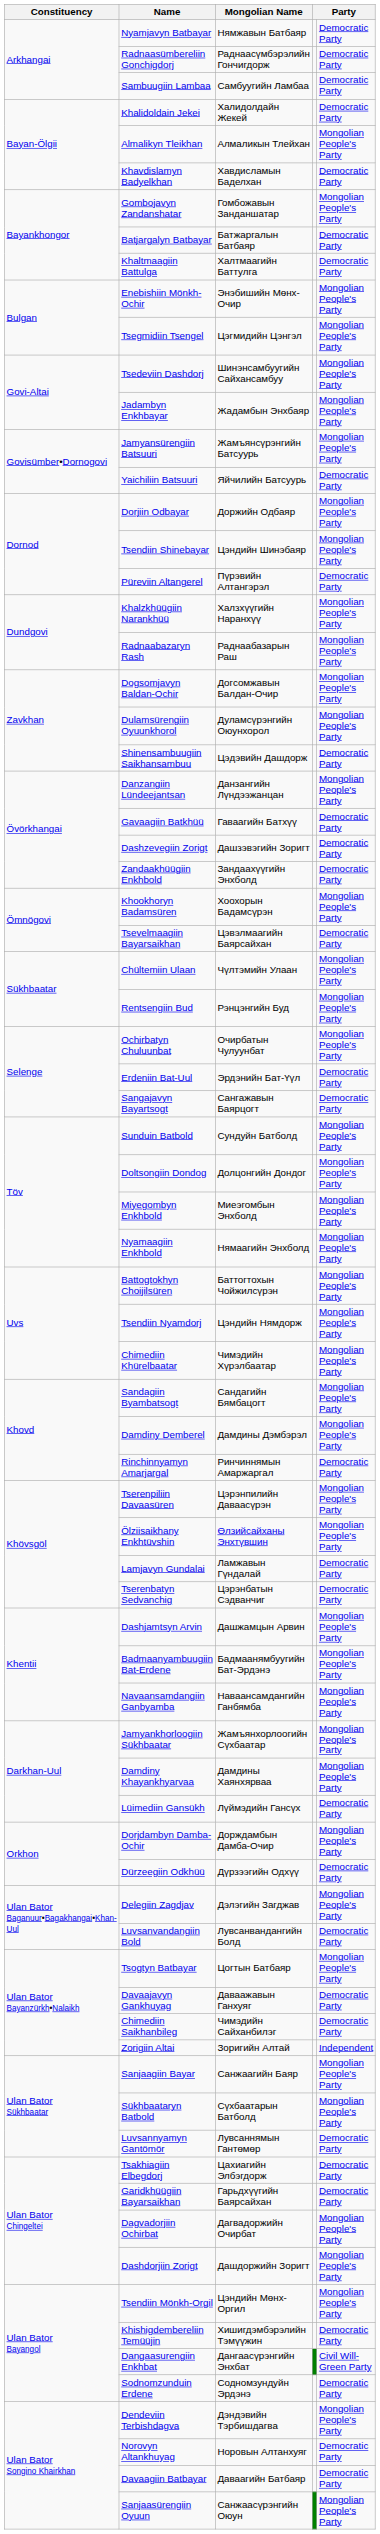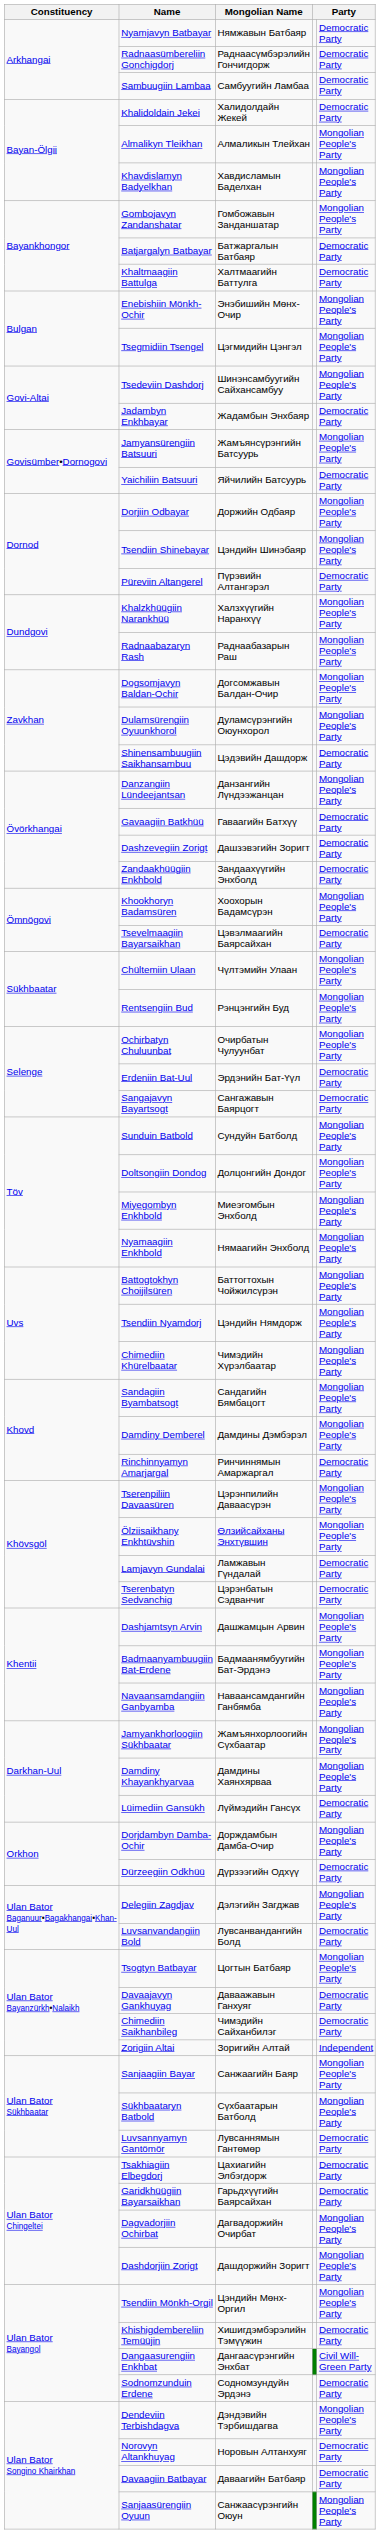 <table class="wikitable">
 <tr>
 <th>Constituency</th>
 <th>Name</th>
 <th>Mongolian Name</th>
 <th colspan=2>Party</th>
 </tr>
 <tr>
 <td rowspan=3><a href='#'>Arkhangai</a></td>
 <td><a href='#'>Nyamjavyn Batbayar</a></td>
 <td>Нямжавын Батбаяр</td>
 <td style="background-color: "></td>
 <td><a href='#'>Democratic Party</a></td>
 </tr>
 <tr>
 <td><a href='#'>Radnaasümbereliin Gonchigdorj</a></td>
 <td>Раднаасүмбэрэлийн Гончигдорж</td>
 <td style="background-color: "></td>
 <td><a href='#'>Democratic Party</a></td>
 </tr>
 <tr>
 <td><a href='#'>Sambuugiin Lambaa</a></td>
 <td>Самбуугийн Ламбаа</td>
 <td style="background-color: "></td>
 <td><a href='#'>Democratic Party</a></td>
 </tr>
 <tr>
 <td rowspan=3><a href='#'>Bayan-Ölgii</a></td>
 <td><a href='#'>Khalidoldain Jekei</a></td>
 <td>Халидолдайн Жекей</td>
 <td style="background-color: "></td>
 <td><a href='#'>Democratic Party</a></td>
 </tr>
 <tr>
 <td><a href='#'>Almalikyn Tleikhan</a></td>
 <td>Алмаликын Тлейхан</td>
 <td style="background-color: "></td>
 <td><a href='#'>Mongolian People's Party</a></td>
 </tr>
 <tr>
 <td><a href='#'>Khavdislamyn Badyelkhan</a></td>
 <td>Хавдисламын Баделхан</td>
 <td style="background-color: "></td>
-<td><a href='#'>Democratic Party</a></td>
+<td><a href='#'>Mongolian People's Party</a></td>
 </tr>
 <tr>
 <td rowspan=3><a href='#'>Bayankhongor</a></td>
 <td><a href='#'>Gombojavyn Zandanshatar</a></td>
 <td>Гомбожавын Занданшатар</td>
 <td style="background-color: "></td>
 <td><a href='#'>Mongolian People's Party</a></td>
 </tr>
 <tr>
 <td><a href='#'>Batjargalyn Batbayar</a></td>
 <td>Батжаргалын Батбаяр</td>
 <td style="background-color: "></td>
 <td><a href='#'>Democratic Party</a></td>
 </tr>
 <tr>
 <td><a href='#'>Khaltmaagiin Battulga</a></td>
 <td>Халтмаагийн Баттулга</td>
 <td style="background-color: "></td>
 <td><a href='#'>Democratic Party</a></td>
 </tr>
 <tr>
 <td rowspan=2><a href='#'>Bulgan</a></td>
 <td><a href='#'>Enebishiin Mönkh-Ochir</a></td>
 <td>Энэбишийн Мөнх-Очир</td>
 <td style="background-color: "></td>
 <td><a href='#'>Mongolian People's Party</a></td>
 </tr>
 <tr>
 <td><a href='#'>Tsegmidiin Tsengel</a></td>
 <td>Цэгмидийн Цэнгэл</td>
 <td style="background-color: "></td>
 <td><a href='#'>Mongolian People's Party</a></td>
 </tr>
 <tr>
 <td rowspan=2><a href='#'>Govi-Altai</a></td>
 <td><a href='#'>Tsedeviin Dashdorj</a></td>
 <td>Шинэнсамбуугийн Сайхансамбуу</td>
 <td style="background-color: "></td>
 <td><a href='#'>Mongolian People's Party</a></td>
 </tr>
 <tr>
 <td><a href='#'>Jadambyn Enkhbayar</a></td>
 <td>Жадамбын Энхбаяр</td>
 <td style="background-color: "></td>
-<td><a href='#'>Mongolian People's Party</a></td>
+<td><a href='#'>Democratic Party</a></td>
 </tr>
 <tr>
 <td rowspan=2><a href='#'>Govisümber</a>•<a href='#'>Dornogovi</a></td>
 <td><a href='#'>Jamyansürengiin Batsuuri</a></td>
 <td>Жамъянсүрэнгийн Батсуурь</td>
 <td style="background-color: "></td>
 <td><a href='#'>Mongolian People's Party</a></td>
 </tr>
 <tr>
 <td><a href='#'>Yaichiliin Batsuuri</a></td>
 <td>Яйчилийн Батсуурь</td>
 <td style="background-color: "></td>
 <td><a href='#'>Democratic Party</a></td>
 </tr>
 <tr>
 <td rowspan=3><a href='#'>Dornod</a></td>
 <td><a href='#'>Dorjiin Odbayar</a></td>
 <td>Доржийн Одбаяр</td>
 <td style="background-color: "></td>
 <td><a href='#'>Mongolian People's Party</a></td>
 </tr>
 <tr>
 <td><a href='#'>Tsendiin Shinebayar</a></td>
 <td>Цэндийн Шинэбаяр</td>
 <td style="background-color: "></td>
 <td><a href='#'>Mongolian People's Party</a></td>
 </tr>
 <tr>
 <td><a href='#'>Püreviin Altangerel</a></td>
 <td>Пүрэвийн Алтангэрэл</td>
 <td style="background-color: "></td>
 <td><a href='#'>Democratic Party</a></td>
 </tr>
 <tr>
 <td rowspan=2><a href='#'>Dundgovi</a></td>
 <td><a href='#'>Khalzkhüügiin Narankhüü</a></td>
 <td>Халзхүүгийн Наранхүү</td>
 <td style="background-color: "></td>
 <td><a href='#'>Mongolian People's Party</a></td>
 </tr>
 <tr>
 <td><a href='#'>Radnaabazaryn Rash</a></td>
 <td>Раднаабазарын Раш</td>
 <td style="background-color: "></td>
 <td><a href='#'>Mongolian People's Party</a></td>
 </tr>
 <tr>
 <td rowspan=3><a href='#'>Zavkhan</a></td>
 <td><a href='#'>Dogsomjavyn Baldan-Ochir</a></td>
 <td>Догсомжавын Балдан-Очир</td>
 <td style="background-color: "></td>
 <td><a href='#'>Mongolian People's Party</a></td>
 </tr>
 <tr>
 <td><a href='#'>Dulamsürengiin Oyuunkhorol</a></td>
 <td>Дуламсүрэнгийн Оюунхорол</td>
 <td style="background-color: "></td>
 <td><a href='#'>Mongolian People's Party</a></td>
 </tr>
 <tr>
 <td><a href='#'>Shinensambuugiin Saikhansambuu</a></td>
 <td>Цэдэвийн Дашдорж</td>
 <td style="background-color: "></td>
 <td><a href='#'>Democratic Party</a></td>
 </tr>
 <tr>
 <td rowspan=4><a href='#'>Övörkhangai</a></td>
 <td><a href='#'>Danzangiin Lündeejantsan</a></td>
 <td>Данзангийн Лүндээжанцан</td>
 <td style="background-color: "></td>
 <td><a href='#'>Mongolian People's Party</a></td>
 </tr>
 <tr>
 <td><a href='#'>Gavaagiin Batkhüü</a></td>
 <td>Гаваагийн Батхүү</td>
 <td style="background-color: "></td>
 <td><a href='#'>Democratic Party</a></td>
 </tr>
 <tr>
 <td><a href='#'>Dashzevegiin Zorigt</a></td>
 <td>Дашзэвэгийн Зоригт</td>
 <td style="background-color: "></td>
 <td><a href='#'>Democratic Party</a></td>
 </tr>
 <tr>
 <td><a href='#'>Zandaakhüügiin Enkhbold</a></td>
 <td>Зандаахүүгийн Энхболд</td>
 <td style="background-color: "></td>
 <td><a href='#'>Democratic Party</a></td>
 </tr>
 <tr>
 <td rowspan=2><a href='#'>Ömnögovi</a></td>
 <td><a href='#'>Khookhoryn Badamsüren</a></td>
 <td>Хоохорын Бадамсүрэн</td>
 <td style="background-color: "></td>
 <td><a href='#'>Mongolian People's Party</a></td>
 </tr>
 <tr>
 <td><a href='#'>Tsevelmaagiin Bayarsaikhan</a></td>
 <td>Цэвэлмаагийн Баярсайхан</td>
 <td style="background-color: "></td>
 <td><a href='#'>Democratic Party</a></td>
 </tr>
 <tr>
 <td rowspan=2><a href='#'>Sükhbaatar</a></td>
 <td><a href='#'>Chültemiin Ulaan</a></td>
 <td>Чүлтэмийн Улаан</td>
 <td style="background-color: "></td>
 <td><a href='#'>Mongolian People's Party</a></td>
 </tr>
 <tr>
 <td><a href='#'>Rentsengiin Bud</a></td>
 <td>Рэнцэнгийн Буд</td>
 <td style="background-color: "></td>
 <td><a href='#'>Mongolian People's Party</a></td>
 </tr>
 <tr>
 <td rowspan=3><a href='#'>Selenge</a></td>
 <td><a href='#'>Ochirbatyn Chuluunbat</a></td>
 <td>Очирбатын Чулуунбат</td>
 <td style="background-color: "></td>
 <td><a href='#'>Mongolian People's Party</a></td>
 </tr>
 <tr>
 <td><a href='#'>Erdeniin Bat-Uul</a></td>
 <td>Эрдэнийн Бат-Үүл</td>
 <td style="background-color: "></td>
 <td><a href='#'>Democratic Party</a></td>
 </tr>
 <tr>
 <td><a href='#'>Sangajavyn Bayartsogt</a></td>
 <td>Сангажавын Баярцогт</td>
 <td style="background-color: "></td>
 <td><a href='#'>Democratic Party</a></td>
 </tr>
 <tr>
 <td rowspan=4><a href='#'>Töv</a></td>
 <td><a href='#'>Sunduin Batbold</a></td>
 <td>Сундуйн Батболд</td>
 <td style="background-color: "></td>
 <td><a href='#'>Mongolian People's Party</a></td>
 </tr>
 <tr>
 <td><a href='#'>Doltsongiin Dondog</a></td>
 <td>Долцонгийн Дондог</td>
 <td style="background-color: "></td>
 <td><a href='#'>Mongolian People's Party</a></td>
 </tr>
 <tr>
 <td><a href='#'>Miyegombyn Enkhbold</a></td>
 <td>Миеэгомбын Энхболд</td>
 <td style="background-color: "></td>
 <td><a href='#'>Mongolian People's Party</a></td>
 </tr>
 <tr>
 <td><a href='#'>Nyamaagiin Enkhbold</a></td>
 <td>Нямаагийн Энхболд</td>
 <td style="background-color: "></td>
 <td><a href='#'>Mongolian People's Party</a></td>
 </tr>
 <tr>
 <td rowspan=3><a href='#'>Uvs</a></td>
 <td><a href='#'>Battogtokhyn Choijilsüren</a></td>
 <td>Баттогтохын Чойжилсүрэн</td>
 <td style="background-color: "></td>
 <td><a href='#'>Mongolian People's Party</a></td>
 </tr>
 <tr>
 <td><a href='#'>Tsendiin Nyamdorj</a></td>
 <td>Цэндийн Нямдорж</td>
 <td style="background-color: "></td>
 <td><a href='#'>Mongolian People's Party</a></td>
 </tr>
 <tr>
 <td><a href='#'>Chimediin Khürelbaatar</a></td>
 <td>Чимэдийн Хүрэлбаатар</td>
 <td style="background-color: "></td>
 <td><a href='#'>Mongolian People's Party</a></td>
 </tr>
 <tr>
 <td rowspan=3><a href='#'>Khovd</a></td>
 <td><a href='#'>Sandagiin Byambatsogt</a></td>
 <td>Сандагийн Бямбацогт</td>
 <td style="background-color: "></td>
 <td><a href='#'>Mongolian People's Party</a></td>
 </tr>
 <tr>
 <td><a href='#'>Damdiny Demberel</a></td>
 <td>Дамдины Дэмбэрэл</td>
 <td style="background-color: "></td>
 <td><a href='#'>Mongolian People's Party</a></td>
 </tr>
 <tr>
 <td><a href='#'>Rinchinnyamyn Amarjargal</a></td>
 <td>Ринчиннямын Амаржаргал</td>
 <td style="background-color: "></td>
 <td><a href='#'>Democratic Party</a></td>
 </tr>
 <tr>
 <td rowspan=4><a href='#'>Khövsgöl</a></td>
 <td><a href='#'>Tserenpiliin Davaasüren</a></td>
 <td>Цэрэнпилийн Даваасүрэн</td>
 <td style="background-color: "></td>
 <td><a href='#'>Mongolian People's Party</a></td>
 </tr>
 <tr>
 <td><a href='#'>Ölziisaikhany Enkhtüvshin</a></td>
 <td><a href='#'>Өлзийсайханы Энхтүвшин</a></td>
 <td style="background-color: "></td>
 <td><a href='#'>Mongolian People's Party</a></td>
 </tr>
 <tr>
 <td><a href='#'>Lamjavyn Gundalai</a></td>
 <td>Ламжавын Гүндалай</td>
 <td style="background-color: "></td>
 <td><a href='#'>Democratic Party</a></td>
 </tr>
 <tr>
 <td><a href='#'>Tserenbatyn Sedvanchig</a></td>
 <td>Цэрэнбатын Сэдванчиг</td>
 <td style="background-color: "></td>
 <td><a href='#'>Democratic Party</a></td>
 </tr>
 <tr>
 <td rowspan=3><a href='#'>Khentii</a></td>
 <td><a href='#'>Dashjamtsyn Arvin</a></td>
 <td>Дашжамцын Арвин</td>
 <td style="background-color: "></td>
 <td><a href='#'>Mongolian People's Party</a></td>
 </tr>
 <tr>
 <td><a href='#'>Badmaanyambuugiin Bat-Erdene</a></td>
 <td>Бадмаанямбуугийн Бат-Эрдэнэ</td>
 <td style="background-color: "></td>
 <td><a href='#'>Mongolian People's Party</a></td>
 </tr>
 <tr>
 <td><a href='#'>Navaansamdangiin Ganbyamba</a></td>
 <td>Наваансамдангийн Ганбямба</td>
 <td style="background-color: "></td>
 <td><a href='#'>Mongolian People's Party</a></td>
 </tr>
 <tr>
 <td rowspan=3><a href='#'>Darkhan-Uul</a></td>
 <td><a href='#'>Jamyankhorloogiin Sükhbaatar</a></td>
 <td>Жамъянхорлоогийн Сүхбаатар</td>
 <td style="background-color: "></td>
 <td><a href='#'>Mongolian People's Party</a></td>
 </tr>
 <tr>
 <td><a href='#'>Damdiny Khayankhyarvaa</a></td>
 <td>Дамдины Хаянхярваа</td>
 <td style="background-color: "></td>
 <td><a href='#'>Mongolian People's Party</a></td>
 </tr>
 <tr>
 <td><a href='#'>Lüimediin Gansükh</a></td>
 <td>Лүймэдийн Гансүх</td>
 <td style="background-color: "></td>
 <td><a href='#'>Democratic Party</a></td>
 </tr>
 <tr>
 <td rowspan=2><a href='#'>Orkhon</a></td>
 <td><a href='#'>Dorjdambyn Damba-Ochir</a></td>
 <td>Дорждамбын Дамба-Очир</td>
 <td style="background-color: "></td>
 <td><a href='#'>Mongolian People's Party</a></td>
 </tr>
 <tr>
 <td><a href='#'>Dürzeegiin Odkhüü</a></td>
 <td>Дүрзээгийн Одхүү</td>
 <td style="background-color: "></td>
 <td><a href='#'>Democratic Party</a></td>
 </tr>
 <tr>
 <td rowspan=2><a href='#'>Ulan Bator</a><br><small><a href='#'>Baganuur</a>•<a href='#'>Bagakhangai</a>•<a href='#'>Khan-Uul</a></small></td>
 <td><a href='#'>Delegiin Zagdjav</a></td>
 <td>Дэлэгийн Загджав</td>
 <td style="background-color: "></td>
 <td><a href='#'>Mongolian People's Party</a></td>
 </tr>
 <tr>
 <td><a href='#'>Luvsanvandangiin Bold</a></td>
 <td>Лувсанвандангийн Болд</td>
 <td style="background-color: "></td>
 <td><a href='#'>Democratic Party</a></td>
 </tr>
 <tr>
 <td rowspan=4><a href='#'>Ulan Bator</a><br><small><a href='#'>Bayanzürkh</a>•<a href='#'>Nalaikh</a></small></td>
 <td><a href='#'>Tsogtyn Batbayar</a></td>
 <td>Цогтын Батбаяр</td>
 <td style="background-color: "></td>
 <td><a href='#'>Mongolian People's Party</a></td>
 </tr>
 <tr>
 <td><a href='#'>Davaajavyn Gankhuyag</a></td>
 <td>Даваажавын Ганхуяг</td>
 <td style="background-color: "></td>
 <td><a href='#'>Democratic Party</a></td>
 </tr>
 <tr>
 <td><a href='#'>Chimediin Saikhanbileg</a></td>
 <td>Чимэдийн Сайханбилэг</td>
 <td style="background-color: "></td>
 <td><a href='#'>Democratic Party</a></td>
 </tr>
 <tr>
 <td><a href='#'>Zorigiin Altai</a></td>
 <td>Зоригийн Алтай</td>
 <td style="background-color: "></td>
 <td><a href='#'>Independent</a></td>
 </tr>
 <tr>
 <td rowspan=3><a href='#'>Ulan Bator</a><br><small><a href='#'>Sükhbaatar</a></small></td>
 <td><a href='#'>Sanjaagiin Bayar</a></td>
 <td>Санжаагийн Баяр</td>
 <td style="background-color: "></td>
 <td><a href='#'>Mongolian People's Party</a></td>
 </tr>
 <tr>
 <td><a href='#'>Sükhbaataryn Batbold</a></td>
 <td>Сүхбаатарын Батболд</td>
 <td style="background-color: "></td>
 <td><a href='#'>Mongolian People's Party</a></td>
 </tr>
 <tr>
 <td><a href='#'>Luvsannyamyn Gantömör</a></td>
 <td>Лувсаннямын Гантөмөр</td>
 <td style="background-color: "></td>
 <td><a href='#'>Democratic Party</a></td>
 </tr>
 <tr>
 <td rowspan=4><a href='#'>Ulan Bator</a><br><small><a href='#'>Chingeltei</a></small></td>
 <td><a href='#'>Tsakhiagiin Elbegdorj</a></td>
 <td>Цахиагийн Элбэгдорж</td>
 <td style="background-color:  "></td>
 <td><a href='#'>Democratic Party</a></td>
 </tr>
 <tr>
 <td><a href='#'>Garidkhüügiin Bayarsaikhan</a></td>
 <td>Гарьдхүүгийн Баярсайхан</td>
 <td style="background-color: "></td>
 <td><a href='#'>Democratic Party</a></td>
 </tr>
 <tr>
 <td><a href='#'>Dagvadorjiin Ochirbat</a></td>
 <td>Дагвадоржийн Очирбат</td>
 <td style="background-color: "></td>
 <td><a href='#'>Mongolian People's Party</a></td>
 </tr>
 <tr>
 <td><a href='#'>Dashdorjiin Zorigt</a></td>
 <td>Дашдоржийн Зоригт</td>
 <td style="background-color: "></td>
 <td><a href='#'>Mongolian People's Party</a></td>
 </tr>
 <tr |->
 <td rowspan=4><a href='#'>Ulan Bator</a><br><small><a href='#'>Bayangol</a></small></td>
 <td><a href='#'>Tsendiin Mönkh-Orgil</a></td>
 <td>Цэндийн Мөнх-Оргил</td>
 <td style="background-color: "></td>
 <td><a href='#'>Mongolian People's Party</a></td>
 </tr>
 <tr>
 <td><a href='#'>Khishigdembereliin Temüüjin</a></td>
 <td>Хишигдэмбэрэлийн Тэмүүжин</td>
 <td style="background-color: "></td>
 <td><a href='#'>Democratic Party</a></td>
 </tr>
 <tr>
 <td><a href='#'>Dangaasurengiin Enkhbat</a></td>
 <td>Дангаасүрэнгийн Энхбат</td>
 <td style="background-color: green"></td>
 <td><a href='#'>Civil Will-Green Party</a></td>
 </tr>
 <tr>
 <td><a href='#'>Sodnomzunduin Erdene</a></td>
 <td>Содномзундуйн Эрдэнэ</td>
 <td style="background-color: "></td>
 <td><a href='#'>Democratic Party</a></td>
 </tr>
 <tr>
 <td rowspan=4><a href='#'>Ulan Bator</a><br><small><a href='#'>Songino Khairkhan</a></small></td>
 <td><a href='#'>Dendeviin Terbishdagva</a></td>
 <td>Дэндэвийн Тэрбишдагва</td>
 <td style="background-color: "></td>
 <td><a href='#'>Mongolian People's Party</a></td>
 </tr>
 <tr>
 <td><a href='#'>Norovyn Altankhuyag</a></td>
 <td>Норовын Алтанхуяг</td>
 <td style="background-color: "></td>
 <td><a href='#'>Democratic Party</a></td>
 </tr>
 <tr>
 <td><a href='#'>Davaagiin Batbayar</a></td>
 <td>Даваагийн Батбаяр</td>
 <td style="background-color: "></td>
 <td><a href='#'>Democratic Party</a></td>
 </tr>
 <tr>
 <td><a href='#'>Sanjaasürengiin Oyuun</a></td>
 <td>Санжаасүрэнгийн Оюун</td>
 <td style="background-color: green"></td>
 <td><a href='#'>Mongolian People's Party</a></td>
 </tr>
 </table>
